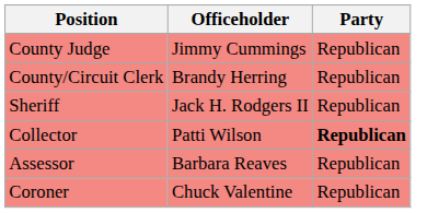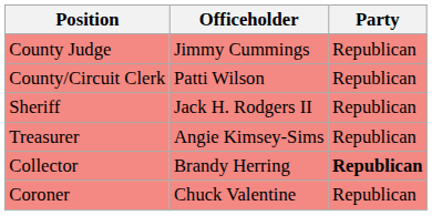 <table class="wikitable">
 <tr>
 <th>Position</th>
 <th>Officeholder</th>
 <th>Party</th>
 </tr>
 <tr style="background-color:#F48882;">
 <td>County Judge</td>
 <td>Jimmy Cummings</td>
 <td>Republican</td>
 </tr>
 <tr style="background-color:#F48882;">
 <td>County/Circuit Clerk</td>
-<td>Brandy Herring</td>
+<td>Patti Wilson</td>
 <td>Republican</td>
 </tr>
 <tr style="background-color:#F48882;">
 <td>Sheriff</td>
 <td>Jack H. Rodgers II</td>
 <td>Republican</td>
 </tr>
 <tr style="background-color:#F48882;">
-<td>Collector</td>
-<td>Patti Wilson</td>
-<td><strong>Republican</strong></td>
+<td>Treasurer</td>
+<td>Angie Kimsey-Sims</td>
+<td>Republican</td>
 </tr>
 <tr style="background-color:#F48882;">
-<td>Assessor</td>
-<td>Barbara Reaves</td>
-<td>Republican</td>
+<td>Collector</td>
+<td>Brandy Herring</td>
+<td><strong>Republican</strong></td>
 </tr>
 <tr style="background-color:#F48882;">
 <td>Coroner</td>
 <td>Chuck Valentine</td>
 <td>Republican</td>
 </tr>
 </table>
